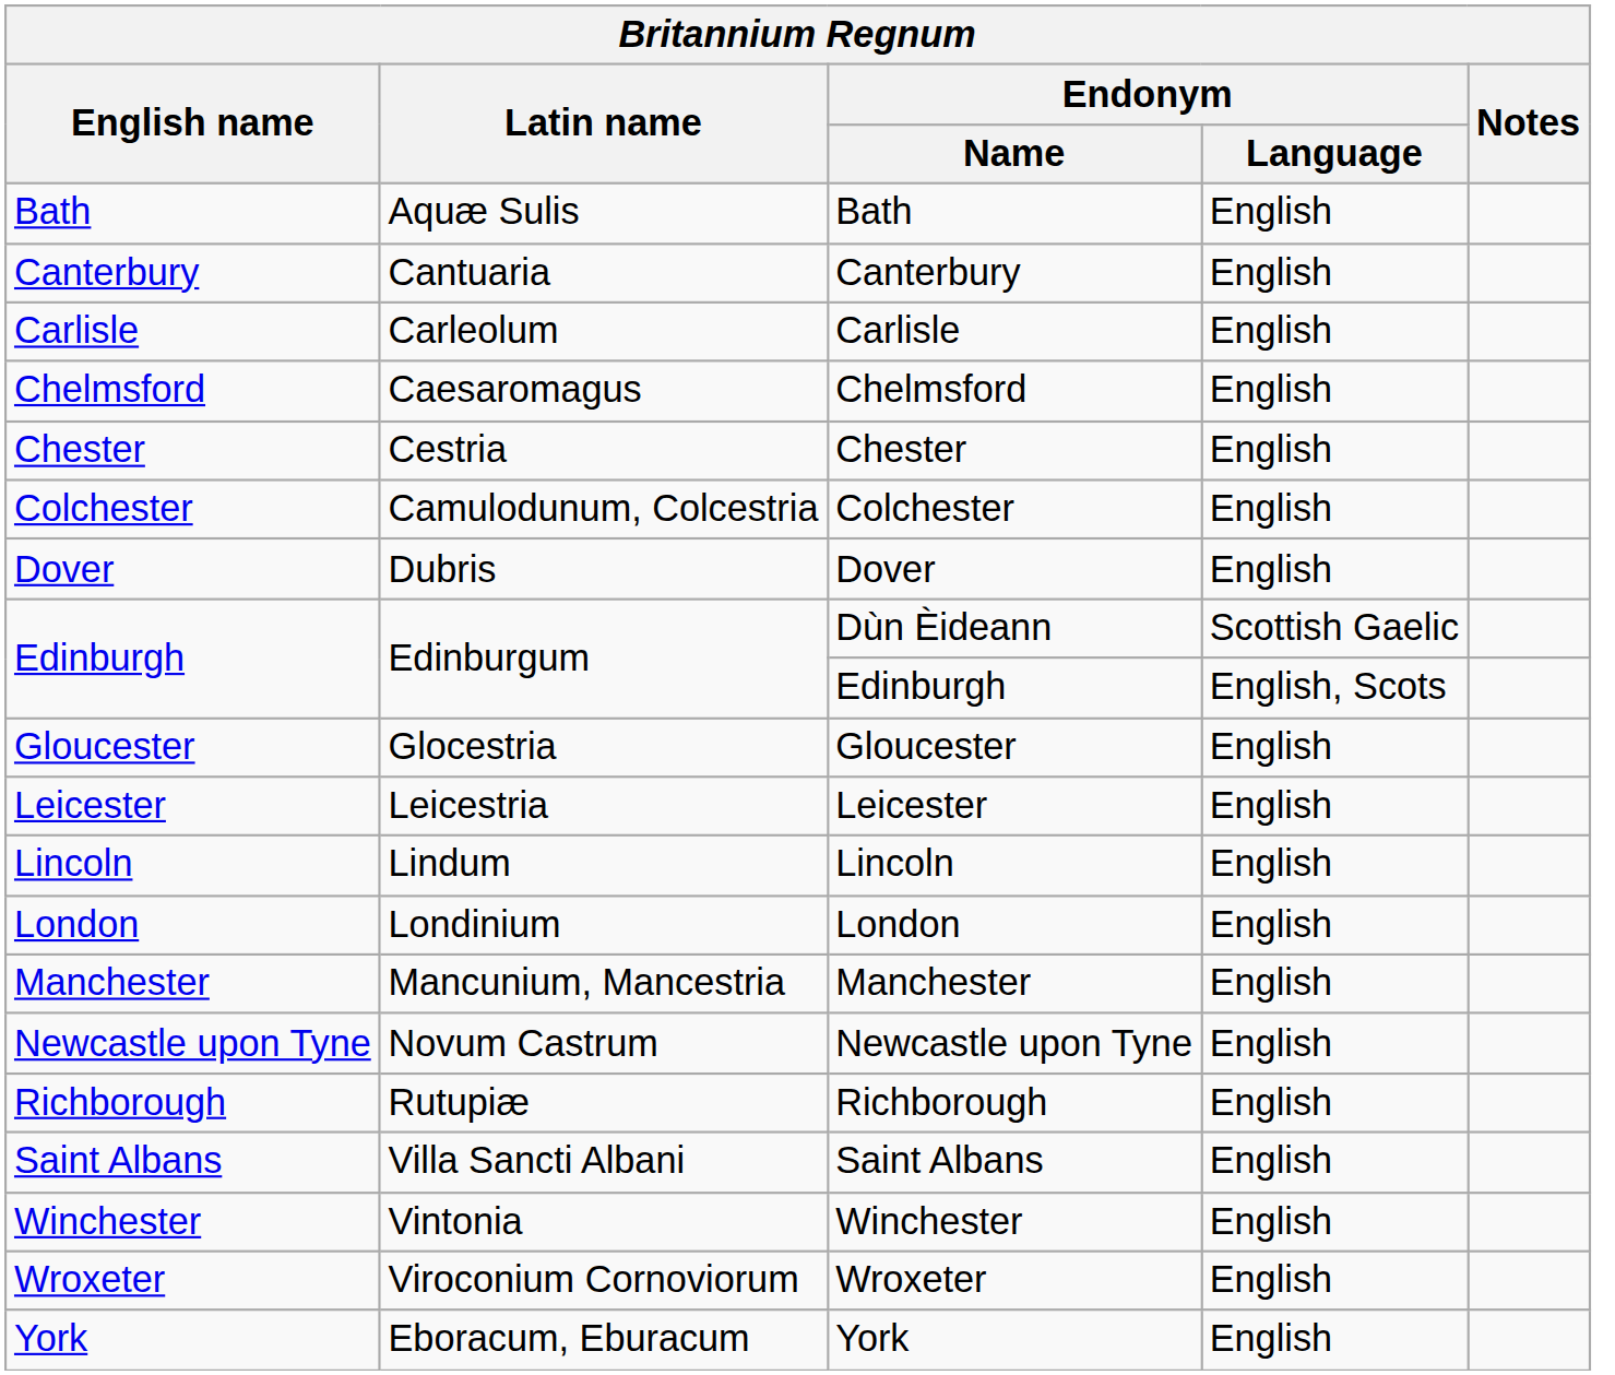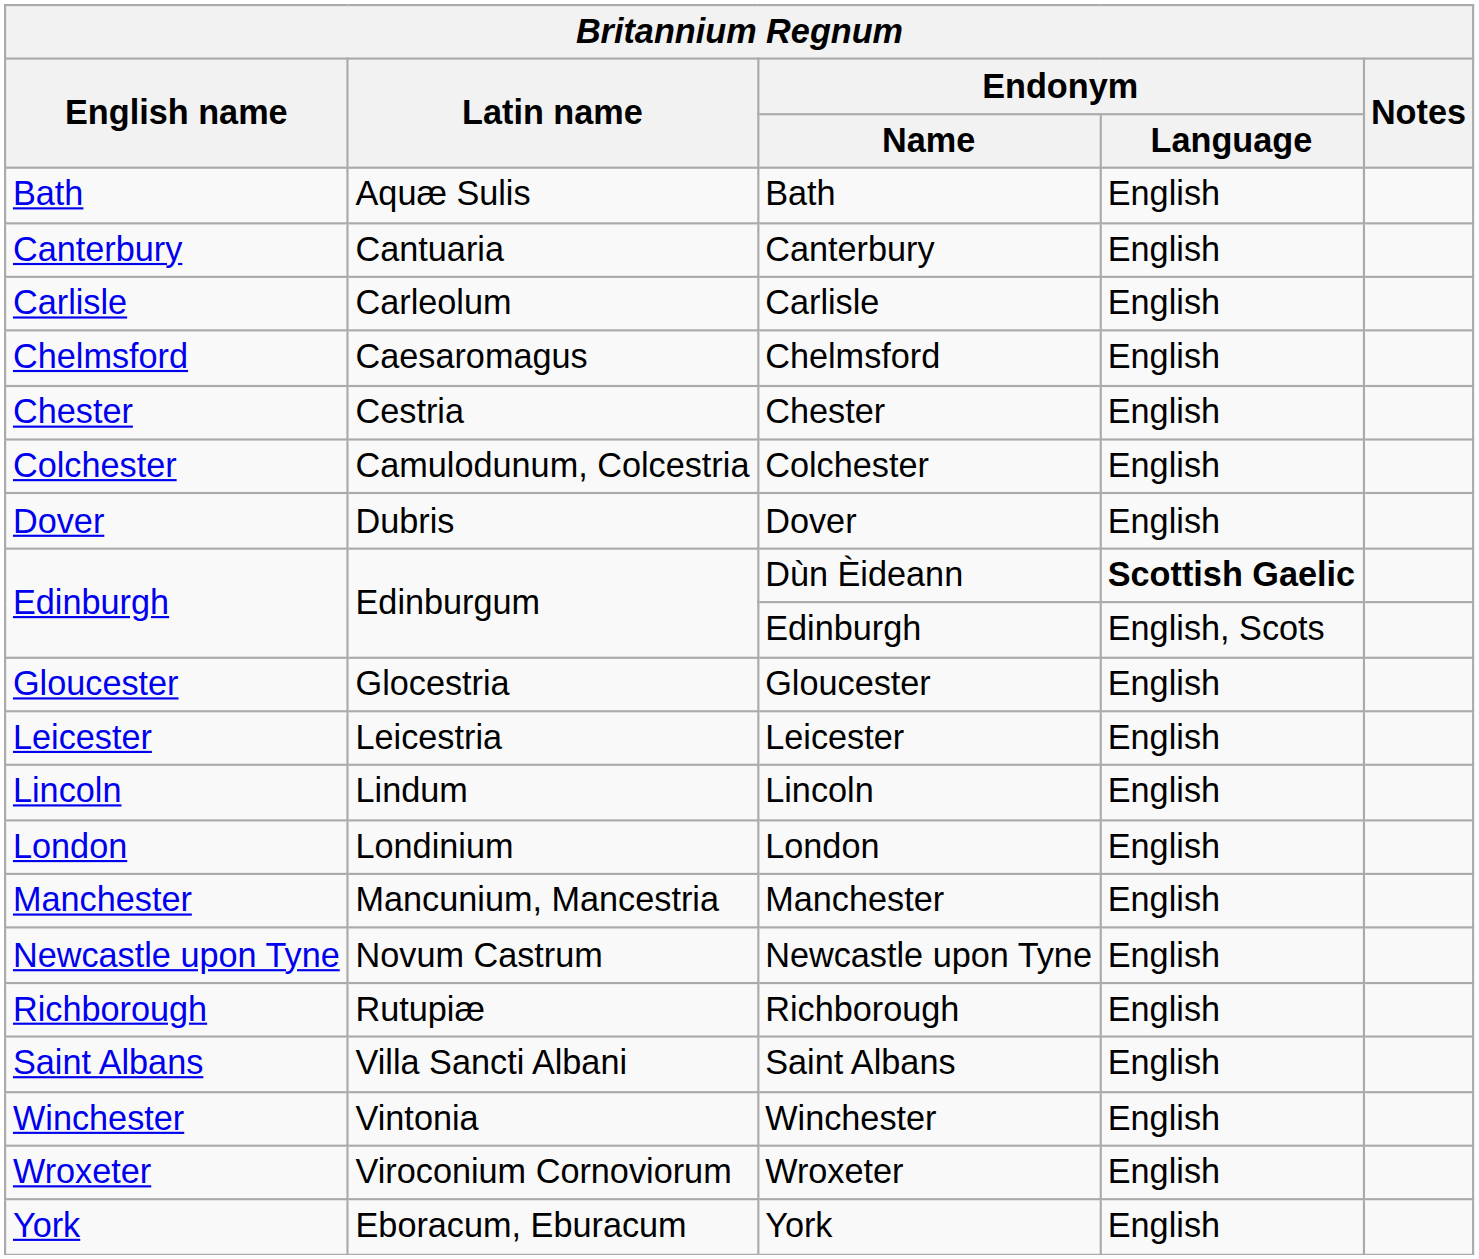 <table class="wikitable sortable">
 <tr>
 <th colspan="5"> <em>Britannium Regnum</em></th>
 </tr>
 <tr>
 <th rowspan="2">English name</th>
 <th rowspan="2">Latin name</th>
 <th colspan="2">Endonym</th>
 <th rowspan="2">Notes</th>
 </tr>
 <tr>
 <th>Name</th>
 <th>Language</th>
 </tr>
 <tr u>
 <td><a href='#'>Bath</a></td>
 <td>Aquæ Sulis</td>
 <td>Bath</td>
 <td>English</td>
 <td></td>
 </tr>
 <tr>
 <td><a href='#'>Canterbury</a></td>
 <td>Cantuaria</td>
 <td>Canterbury</td>
 <td>English</td>
 <td></td>
 </tr>
 <tr>
 <td><a href='#'>Carlisle</a></td>
 <td>Carleolum</td>
 <td>Carlisle</td>
 <td>English</td>
 <td></td>
 </tr>
 <tr>
 <td><a href='#'>Chelmsford</a></td>
 <td>Caesaromagus</td>
 <td>Chelmsford</td>
 <td>English</td>
 <td></td>
 </tr>
 <tr>
 <td><a href='#'>Chester</a></td>
 <td>Cestria</td>
 <td>Chester</td>
 <td>English</td>
 <td></td>
 </tr>
 <tr>
 <td><a href='#'>Colchester</a></td>
 <td>Camulodunum, Colcestria</td>
 <td>Colchester</td>
 <td>English</td>
 <td></td>
 </tr>
 <tr>
 <td><a href='#'>Dover</a></td>
 <td>Dubris</td>
 <td>Dover</td>
 <td>English</td>
 <td></td>
 </tr>
 <tr>
 <td rowspan="2"><a href='#'>Edinburgh</a></td>
 <td rowspan="2">Edinburgum</td>
 <td>Dùn Èideann</td>
-<td>Scottish Gaelic</td>
+<td><strong>Scottish Gaelic</strong></td>
 <td></td>
 </tr>
 <tr>
 <td>Edinburgh</td>
 <td>English, Scots</td>
 <td></td>
 </tr>
 <tr>
 <td><a href='#'>Gloucester</a></td>
 <td>Glocestria</td>
 <td>Gloucester</td>
 <td>English</td>
 <td></td>
 </tr>
 <tr>
 <td><a href='#'>Leicester</a></td>
 <td>Leicestria</td>
 <td>Leicester</td>
 <td>English</td>
 <td></td>
 </tr>
 <tr>
 <td><a href='#'>Lincoln</a></td>
 <td>Lindum</td>
 <td>Lincoln</td>
 <td>English</td>
 <td></td>
 </tr>
 <tr>
 <td><a href='#'>London</a></td>
 <td>Londinium</td>
 <td>London</td>
 <td>English</td>
 <td></td>
 </tr>
 <tr>
 <td><a href='#'>Manchester</a></td>
 <td>Mancunium, Mancestria</td>
 <td>Manchester</td>
 <td>English</td>
 <td></td>
 </tr>
 <tr>
 <td><a href='#'>Newcastle upon Tyne</a></td>
 <td>Novum Castrum</td>
 <td>Newcastle upon Tyne</td>
 <td>English</td>
 <td></td>
 </tr>
 <tr>
 <td><a href='#'>Richborough</a></td>
 <td>Rutupiæ</td>
 <td>Richborough</td>
 <td>English</td>
 <td></td>
 </tr>
 <tr>
 <td><a href='#'>Saint Albans</a></td>
 <td>Villa Sancti Albani</td>
 <td>Saint Albans</td>
 <td>English</td>
 <td></td>
 </tr>
 <tr>
 <td><a href='#'>Winchester</a></td>
 <td>Vintonia</td>
 <td>Winchester</td>
 <td>English</td>
 <td></td>
 </tr>
 <tr>
 <td><a href='#'>Wroxeter</a></td>
 <td>Viroconium Cornoviorum</td>
 <td>Wroxeter</td>
 <td>English</td>
 <td></td>
 </tr>
 <tr>
 <td><a href='#'>York</a></td>
 <td>Eboracum, Eburacum</td>
 <td>York</td>
 <td>English</td>
 <td></td>
 </tr>
 </table>
